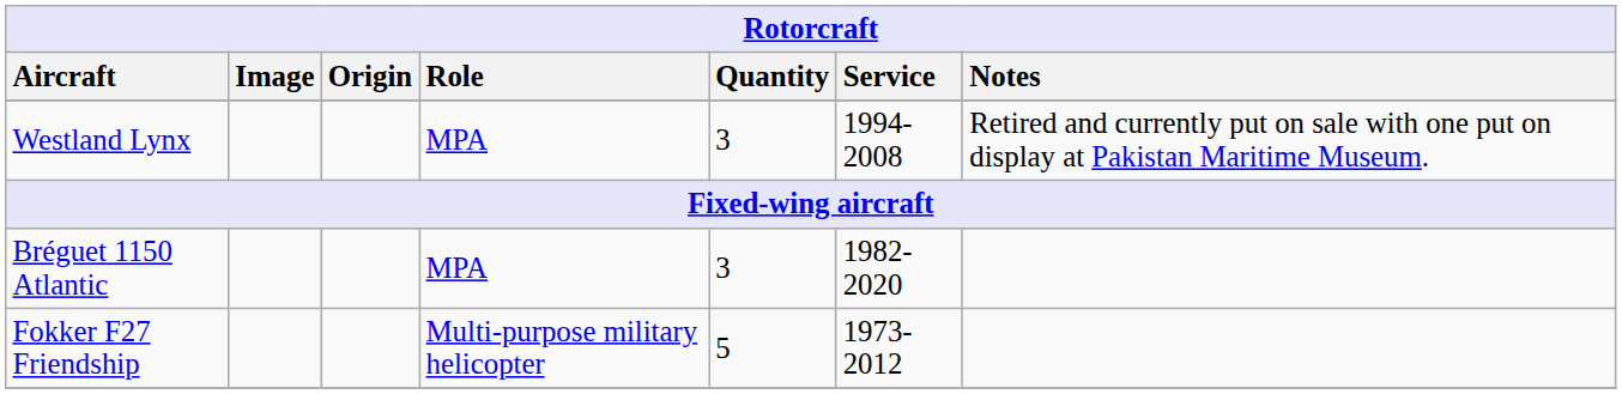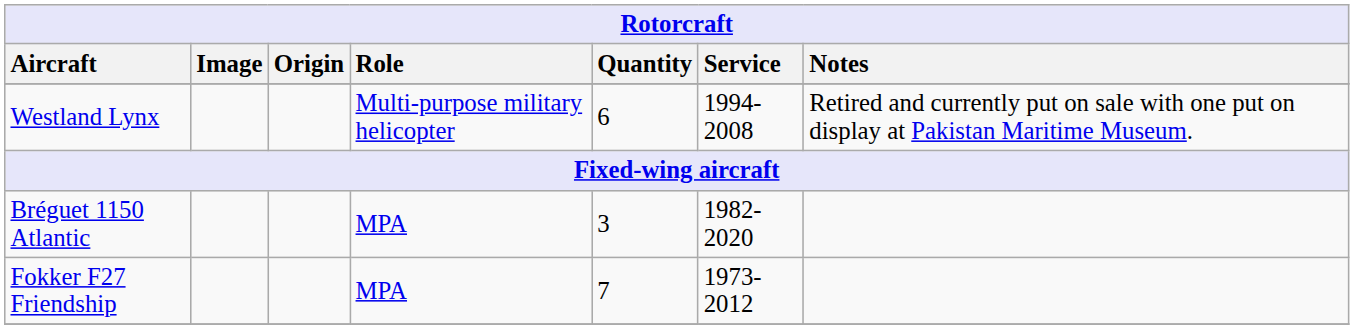 <table class="wikitable">
 <tr>
 <th style="align: center; background: lavender;" colspan="8"><a href='#'>Rotorcraft</a></th>
 </tr>
 <tr>
 <th style="text-align: left;">Aircraft</th>
 <th style="text-align: left;">Image</th>
 <th style="text-align: left;">Origin</th>
 <th style="text-align: left;">Role</th>
 <th style="text-align: left;">Quantity</th>
 <th style="text-align: left;">Service</th>
 <th style="text-align: left;">Notes</th>
 </tr>
 <tr ---->
 </tr>
 <tr>
 <td><a href='#'>Westland Lynx</a></td>
 <td></td>
 <td></td>
-<td><a href='#'>MPA</a></td>
-<td>3</td>
+<td><a href='#'>Multi-purpose military helicopter</a></td>
+<td>6</td>
 <td>1994-2008</td>
 <td>Retired and currently put on sale with one put on display at <a href='#'>Pakistan Maritime Museum</a>. </td>
 </tr>
 <tr>
 <th style="align: center; background: lavender;" colspan="8"><a href='#'>Fixed-wing aircraft</a></th>
 </tr>
 <tr>
 <td><a href='#'>Bréguet 1150 Atlantic</a></td>
 <td></td>
 <td></td>
 <td><a href='#'>MPA</a></td>
 <td>3</td>
 <td>1982-2020</td>
 <td></td>
 </tr>
 <tr>
 <td><a href='#'>Fokker F27 Friendship</a></td>
 <td></td>
 <td></td>
-<td><a href='#'>Multi-purpose military helicopter</a></td>
-<td>5</td>
+<td><a href='#'>MPA</a></td>
+<td>7</td>
 <td>1973-2012</td>
 <td></td>
 </tr>
 <tr>
 </tr>
 </table>
